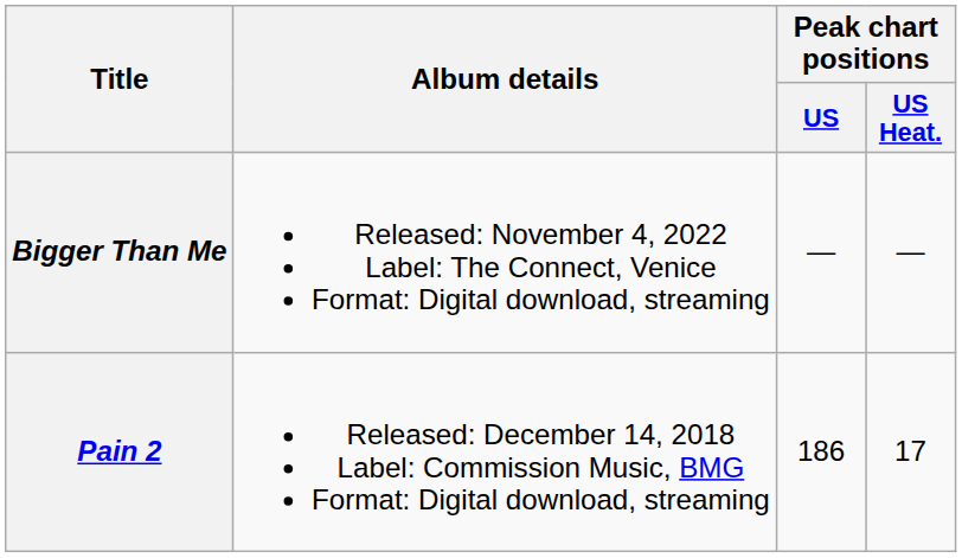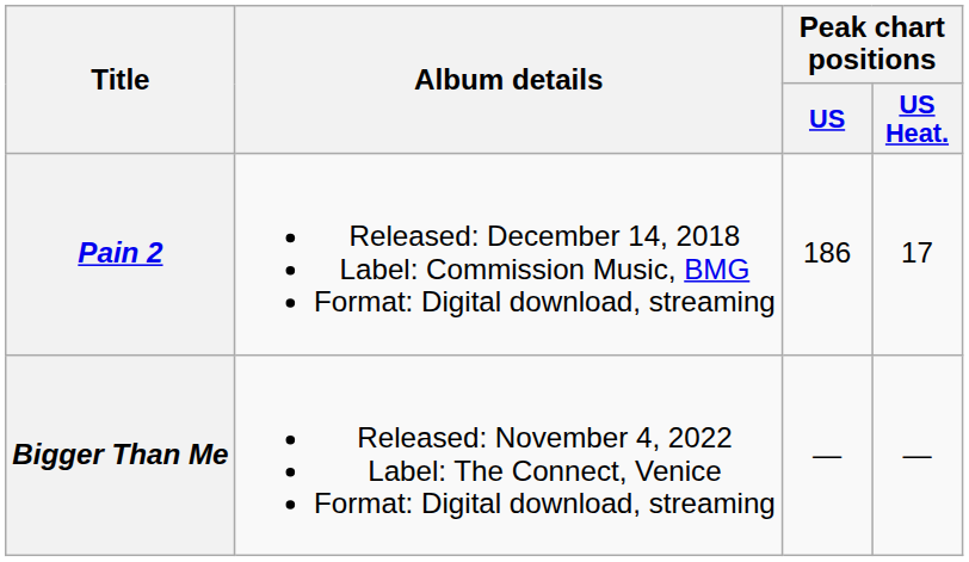 <table class="wikitable plainrowheaders" style="text-align:center;">
 <tr>
 <th rowspan="2">Title</th>
 <th rowspan="2">Album details</th>
 <th colspan="2">Peak chart positions</th>
 </tr>
 <tr>
 <th scope="col" style="width:3em;font-size:90%;"><a href='#'>US</a><br></th>
 <th scope="col" style="width:3em;font-size:90%;"><a href='#'>US<br>Heat.</a><br></th>
 </tr>
 <tr>
+<th scope="row"><em><a href='#'>Pain 2</a></em></th>
+<td><br><ul><li>Released: December 14, 2018</li><li>Label: Commission Music, <a href='#'>BMG</a></li><li>Format: Digital download, streaming</li></ul></td>
+<td>186</td>
+<td>17</td>
+</tr>
+<tr>
 <th scope="row"><em>Bigger Than Me</em></th>
 <td><br><ul><li>Released: November 4, 2022</li><li>Label: The Connect, Venice</li><li>Format: Digital download, streaming</li></ul></td>
 <td>—</td>
 <td>—</td>
 </tr>
-<tr>
-<th scope="row"><em><a href='#'>Pain 2</a></em></th>
-<td><br><ul><li>Released: December 14, 2018</li><li>Label: Commission Music, <a href='#'>BMG</a></li><li>Format: Digital download, streaming</li></ul></td>
-<td>186</td>
-<td>17</td>
-</tr>
 </table>
